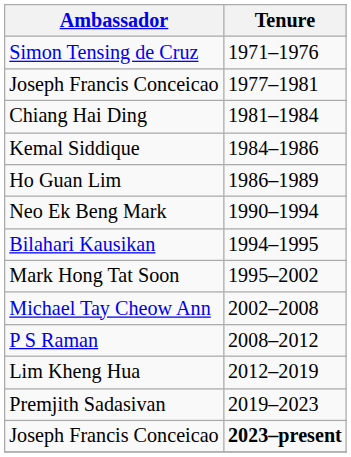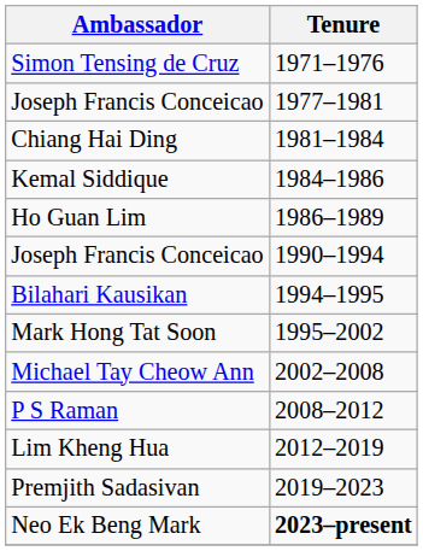 <table class=wikitable>
 <tr>
 <th><a href='#'>Ambassador</a></th>
 <th>Tenure</th>
 </tr>
 <tr>
 <td><a href='#'>Simon Tensing de Cruz</a></td>
 <td>1971–1976</td>
 </tr>
 <tr>
 <td>Joseph Francis Conceicao</td>
 <td>1977–1981</td>
 </tr>
 <tr>
 <td>Chiang Hai Ding</td>
 <td>1981–1984</td>
 </tr>
 <tr>
 <td>Kemal Siddique</td>
 <td>1984–1986</td>
 </tr>
 <tr>
 <td>Ho Guan Lim</td>
 <td>1986–1989</td>
 </tr>
 <tr>
-<td>Neo Ek Beng Mark</td>
+<td>Joseph Francis Conceicao</td>
 <td>1990–1994</td>
 </tr>
 <tr>
 <td><a href='#'>Bilahari Kausikan</a></td>
 <td>1994–1995</td>
 </tr>
 <tr>
 <td>Mark Hong Tat Soon</td>
 <td>1995–2002</td>
 </tr>
 <tr>
 <td><a href='#'>Michael Tay Cheow Ann</a></td>
 <td>2002–2008</td>
 </tr>
 <tr>
 <td><a href='#'>P S Raman</a></td>
 <td>2008–2012</td>
 </tr>
 <tr>
 <td>Lim Kheng Hua</td>
 <td>2012–2019</td>
 </tr>
 <tr>
 <td>Premjith Sadasivan</td>
 <td>2019–2023</td>
 </tr>
 <tr>
-<td>Joseph Francis Conceicao</td>
+<td>Neo Ek Beng Mark</td>
 <td><strong>2023–present</strong></td>
 </tr>
 <tr>
 </tr>
 </table>
